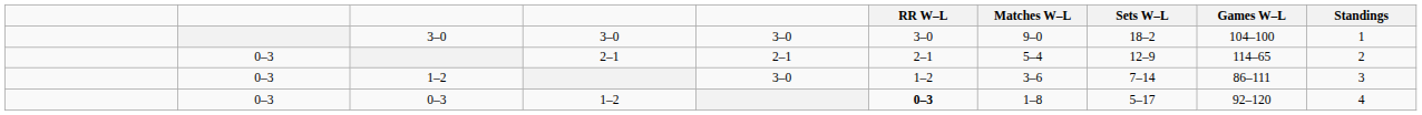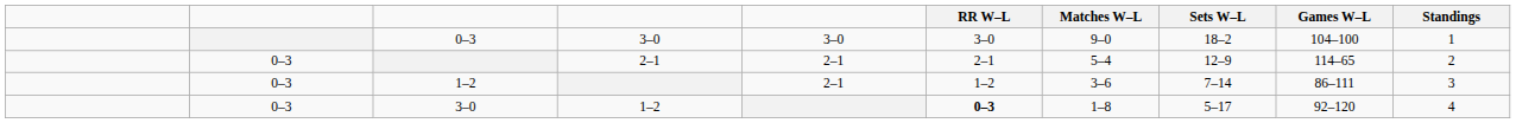 <table class="wikitable" style="width: 100%; text-align:center; font-size:90%">
 <tr>
 <td width=130></td>
 <td width=130></td>
 <td width=130></td>
 <td width=130></td>
 <td width=130></td>
 <th width=80>RR W–L</th>
 <th width=80>Matches W–L</th>
 <th width=80>Sets W–L</th>
 <th width=80>Games W–L</th>
 <th width=80>Standings</th>
 </tr>
 <tr>
 <td style="text-align:left;"></td>
 <th bgcolor="ededed"></th>
-<td>3–0</td>
+<td>0–3</td>
 <td>3–0</td>
 <td>3–0</td>
 <td>3–0</td>
 <td>9–0</td>
 <td>18–2</td>
 <td>104–100</td>
 <td>1</td>
 </tr>
 <tr>
 <td style="text-align:left;"></td>
 <td>0–3</td>
 <th bgcolor="ededed"></th>
 <td>2–1</td>
 <td>2–1</td>
 <td>2–1</td>
 <td>5–4</td>
 <td>12–9</td>
 <td>114–65</td>
 <td>2</td>
 </tr>
 <tr>
 <td style="text-align:left;"></td>
 <td>0–3</td>
 <td>1–2</td>
 <th bgcolor="ededed"></th>
-<td>3–0</td>
+<td>2–1</td>
 <td>1–2</td>
 <td>3–6</td>
 <td>7–14</td>
 <td>86–111</td>
 <td>3</td>
 </tr>
 <tr>
 <td style="text-align:left;"></td>
 <td>0–3</td>
-<td>0–3</td>
+<td>3–0</td>
 <td>1–2</td>
 <th bgcolor="ededed"></th>
 <td><strong>0–3</strong></td>
 <td>1–8</td>
 <td>5–17</td>
 <td>92–120</td>
 <td>4</td>
 </tr>
 </table>
